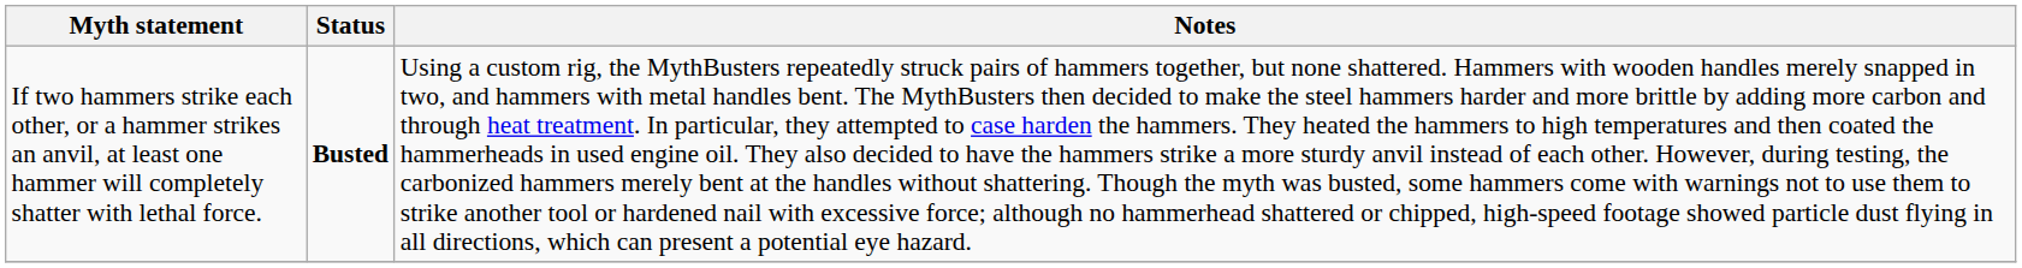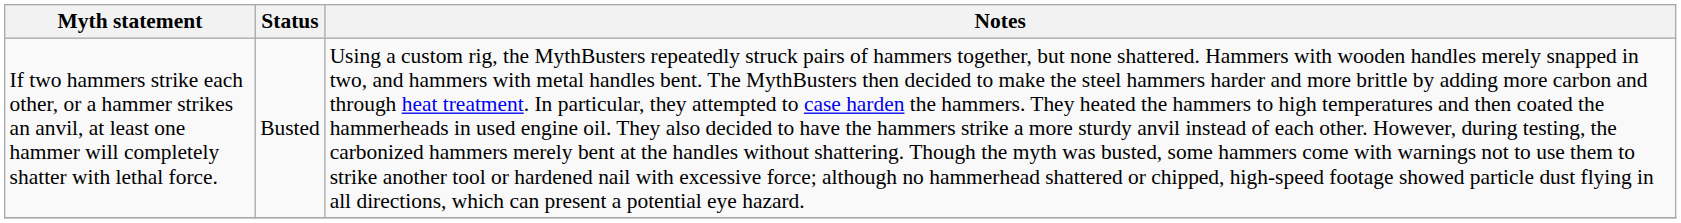 <table class="wikitable plainrowheaders">
 <tr>
 <th>Myth statement</th>
 <th>Status</th>
 <th>Notes</th>
 </tr>
 <tr>
 <td>If two hammers strike each other, or a hammer strikes an anvil, at least one hammer will completely shatter with lethal force.</td>
-<td><strong><span>Busted</span></strong></td>
+<td><span>Busted</span></td>
 <td>Using a custom rig, the MythBusters repeatedly struck pairs of hammers together, but none shattered. Hammers with wooden handles merely snapped in two, and hammers with metal handles bent. The MythBusters then decided to make the steel hammers harder and more brittle by adding more carbon and through <a href='#'>heat treatment</a>. In particular, they attempted to <a href='#'>case harden</a> the hammers. They heated the hammers to high temperatures and then coated the hammerheads in used engine oil. They also decided to have the hammers strike a more sturdy anvil instead of each other. However, during testing, the carbonized hammers merely bent at the handles without shattering. Though the myth was busted, some hammers come with warnings not to use them to strike another tool or hardened nail with excessive force; although no hammerhead shattered or chipped, high-speed footage showed particle dust flying in all directions, which can present a potential eye hazard.</td>
 </tr>
 <tr>
 </tr>
 </table>
